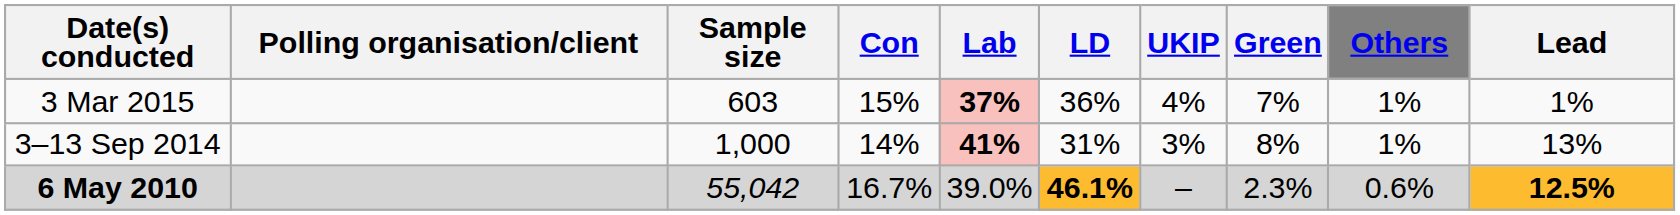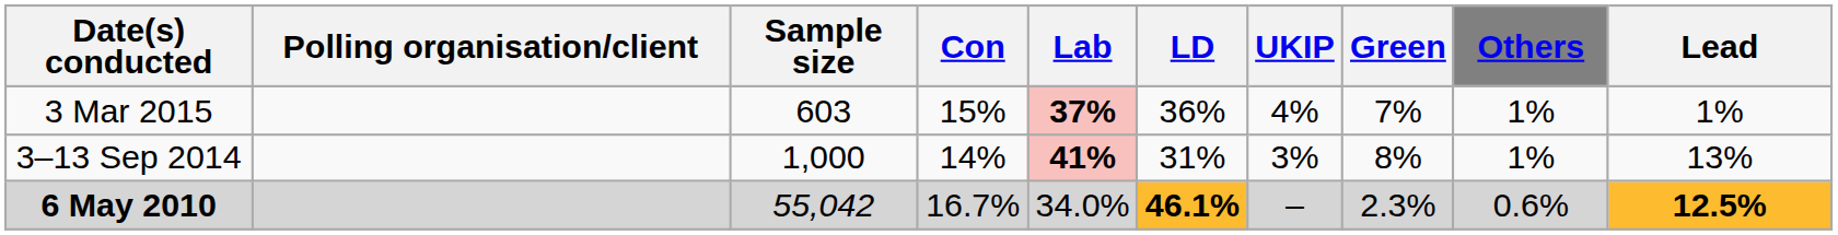 <table class="wikitable sortable" style="text-align:center;font-size:90%;line-height:14px">
 <tr>
 <th ! style="width:100px;">Date(s)<br>conducted</th>
 <th style="width:200px;">Polling organisation/client</th>
 <th class="unsortable" style="width:75px;">Sample size</th>
 <th class="unsortable" style="background:"><a href='#'><span>Con</span></a></th>
 <th class="unsortable" style="background:"><a href='#'><span>Lab</span></a></th>
 <th class="unsortable" style="background:"><a href='#'><span>LD</span></a></th>
 <th class="unsortable" style="background:"><a href='#'><span>UKIP</span></a></th>
 <th class="unsortable" style="background:"><a href='#'><span>Green</span></a></th>
 <th class="unsortable" style="background:gray; width:60px;"><a href='#'><span>Others</span></a></th>
 <th class="unsortable" style="width:90px;">Lead</th>
 </tr>
 <tr>
 <td>3 Mar 2015</td>
 <td> </td>
 <td>603</td>
 <td>15%</td>
 <td style="background:#F8C1BE"><strong>37%</strong></td>
 <td>36%</td>
 <td>4%</td>
 <td>7%</td>
 <td>1%</td>
 <td style="background:">1%</td>
 </tr>
 <tr>
 <td>3–13 Sep 2014</td>
 <td> </td>
 <td>1,000</td>
 <td>14%</td>
 <td style="background:#F8C1BE"><strong>41%</strong></td>
 <td>31%</td>
 <td>3%</td>
 <td>8%</td>
 <td>1%</td>
 <td style="background:">13%</td>
 </tr>
 <tr>
 <td style="background:#D5D5D5"><strong>6 May 2010</strong></td>
 <td style="background:#D5D5D5"></td>
 <td style="background:#D5D5D5"><em>55,042</em></td>
 <td style="background:#D5D5D5">16.7%</td>
-<td style="background:#D5D5D5">39.0%</td>
+<td style="background:#D5D5D5">34.0%</td>
 <td style="background:#fdbb30"><strong>46.1%</strong></td>
 <td style="background:#D5D5D5">–</td>
 <td style="background:#D5D5D5">2.3%</td>
 <td style="background:#D5D5D5">0.6%</td>
 <td style="background:#fdbb30"><strong>12.5% </strong></td>
 </tr>
 </table>
